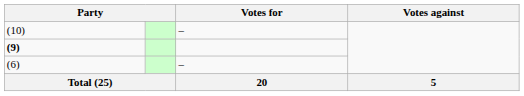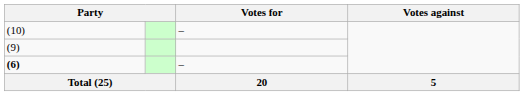 <table class="wikitable" style="width:60%">
 <tr>
 <th style="width:20%;" colspan="2">Party</th>
 <th style="width:20%;">Votes for</th>
 <th style="width:20%;">Votes against</th>
 </tr>
 <tr>
 <td> (10)</td>
 <td style="background-color:#CCFFCC;"></td>
 <td>–</td>
 </tr>
 <tr>
-<td><strong> (9)</strong></td>
+<td> (9)</td>
 <td style="background-color:#CCFFCC;"></td>
 <td></td>
 </tr>
 <tr>
-<td> (6)</td>
+<td><strong> (6)</strong></td>
 <td style="background-color:#CCFFCC;"></td>
 <td>–</td>
 </tr>
 <tr>
 <th colspan=2>Total (25)</th>
 <th>20</th>
 <th>5</th>
 </tr>
 </table>
